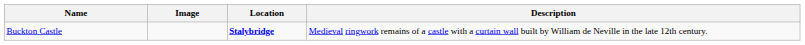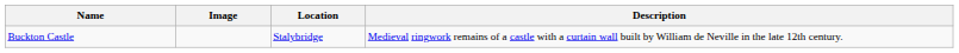 <table class="wikitable sortable" style="font-size:90%;width:100%;border:0px;text-align:left;line-height:150%;">
 <tr>
 <th width="18%">Name</th>
 <th width="10%" class="unsortable">Image</th>
 <th width="10%">Location</th>
 <th width="62%" class="unsortable">Description</th>
 </tr>
 <tr>
 <td><a href='#'>Buckton Castle</a></td>
 <td></td>
-<td><strong><a href='#'>Stalybridge</a></strong></td>
+<td><a href='#'>Stalybridge</a></td>
 <td><a href='#'>Medieval</a> <a href='#'>ringwork</a> remains of a <a href='#'>castle</a> with a <a href='#'>curtain wall</a> built by William de Neville in the late 12th century.</td>
 </tr>
 <tr>
 </tr>
 </table>
